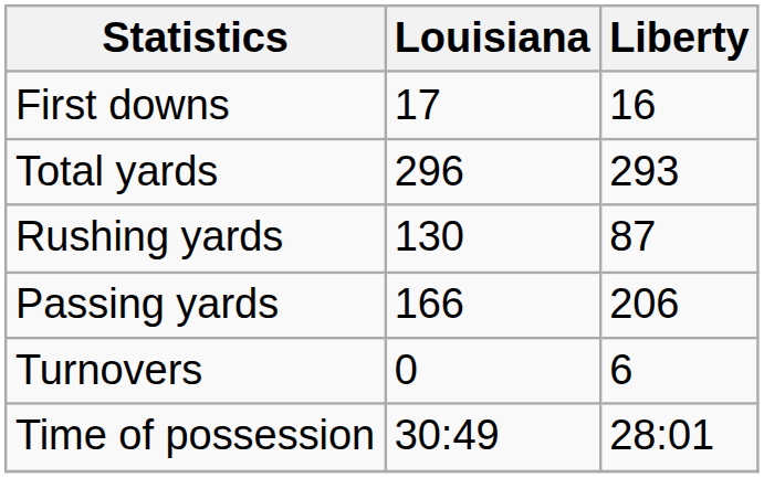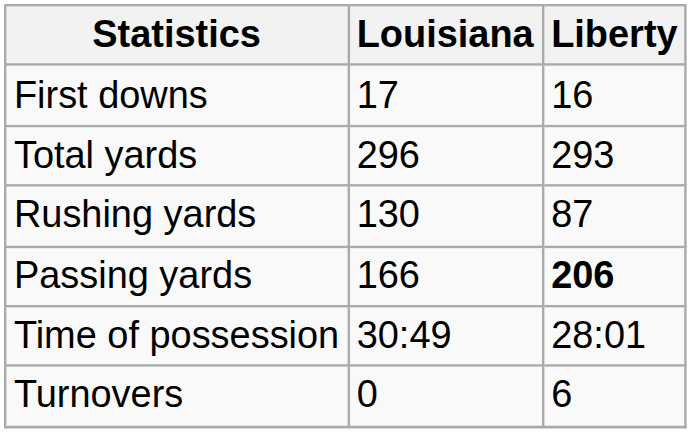 <table class="wikitable">
 <tr>
 <th>Statistics</th>
 <th>Louisiana</th>
 <th>Liberty</th>
 </tr>
 <tr>
 <td>First downs</td>
 <td>17</td>
 <td>16</td>
 </tr>
 <tr>
 <td>Total yards</td>
 <td>296</td>
 <td>293</td>
 </tr>
 <tr>
 <td>Rushing yards</td>
 <td>130</td>
 <td>87</td>
 </tr>
 <tr>
 <td>Passing yards</td>
 <td>166</td>
-<td>206</td>
+<td><strong>206</strong></td>
+</tr>
+<tr>
+<td>Time of possession</td>
+<td>30:49</td>
+<td>28:01</td>
 </tr>
 <tr>
 <td>Turnovers</td>
 <td>0</td>
 <td>6</td>
 </tr>
 <tr>
-<td>Time of possession</td>
-<td>30:49</td>
-<td>28:01</td>
-</tr>
-<tr>
 </tr>
 </table>
